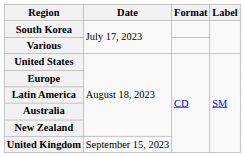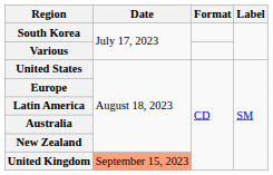 <table class="wikitable plainrowheaders">
 <tr>
 <th scope="col">Region</th>
 <th scope="col">Date</th>
 <th scope="col">Format</th>
 <th scope="col">Label</th>
 </tr>
 <tr>
 <th scope="row">South Korea</th>
 <td rowspan="2">July 17, 2023</td>
 <td></td>
 <td rowspan="2"></td>
 </tr>
 <tr>
 <th scope="row">Various</th>
 <td></td>
 </tr>
 <tr>
 <th scope="row">United States</th>
 <td rowspan="5">August 18, 2023</td>
 <td rowspan="6"><a href='#'>CD</a></td>
 <td rowspan="6"><a href='#'>SM</a></td>
 </tr>
 <tr>
 <th scope="row">Europe</th>
 </tr>
 <tr>
 <th scope="row">Latin America</th>
 </tr>
 <tr>
 <th scope="row">Australia</th>
 </tr>
 <tr>
 <th scope="row">New Zealand</th>
 </tr>
 <tr>
 <th scope="row">United Kingdom</th>
-<td>September 15, 2023</td>
+<td style="background: lightsalmon;">September 15, 2023</td>
 </tr>
 </table>
